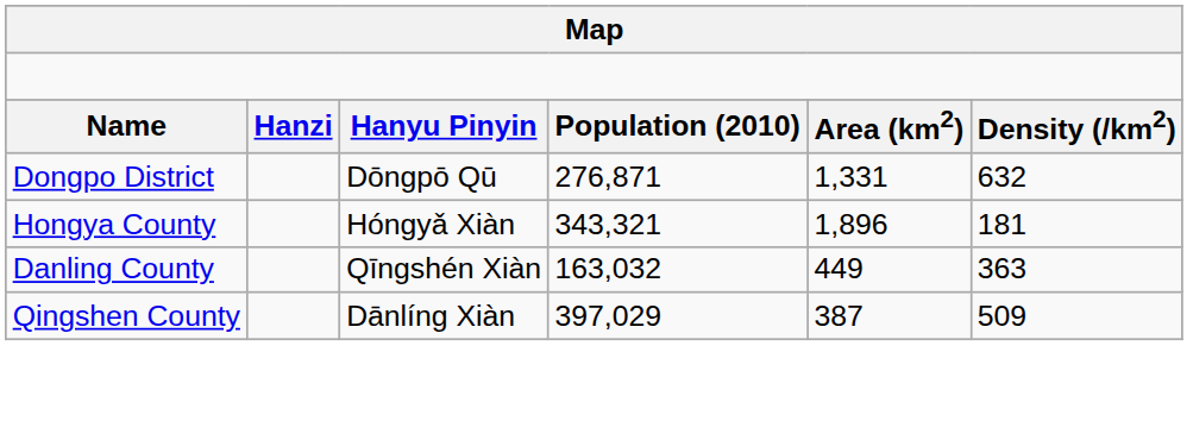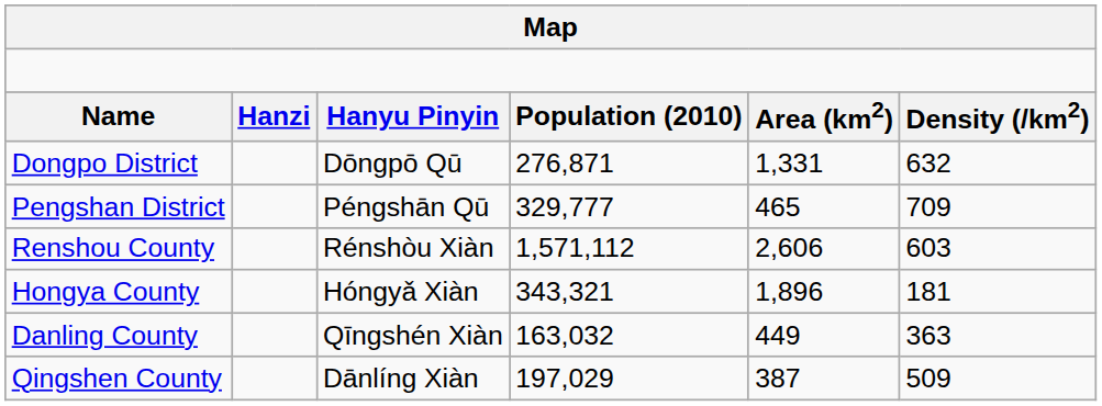 <table class="wikitable"  style="font-size:90%;" align=center>
 <tr>
 <th colspan="6" align="center">Map</th>
 </tr>
 <tr>
 <td colspan="6" align="center"><div><br>         </div></td>
 </tr>
 <tr>
 <th>Name</th>
 <th><a href='#'>Hanzi</a></th>
 <th><a href='#'>Hanyu Pinyin</a></th>
 <th>Population (2010)</th>
 <th>Area (km<sup>2</sup>)</th>
 <th>Density (/km<sup>2</sup>)</th>
 </tr>
 <tr --------->
 <td><a href='#'>Dongpo District</a></td>
 <td></td>
 <td>Dōngpō Qū</td>
 <td>276,871</td>
 <td>1,331</td>
 <td>632</td>
 </tr>
 <tr --------->
+<td><a href='#'>Pengshan District</a></td>
+<td></td>
+<td>Péngshān Qū</td>
+<td>329,777</td>
+<td>465</td>
+<td>709</td>
+</tr>
+<tr --------->
+<td><a href='#'>Renshou County</a></td>
+<td></td>
+<td>Rénshòu Xiàn</td>
+<td>1,571,112</td>
+<td>2,606</td>
+<td>603</td>
+</tr>
+<tr --------->
 <td><a href='#'>Hongya County</a></td>
 <td></td>
 <td>Hóngyǎ Xiàn</td>
 <td>343,321</td>
 <td>1,896</td>
 <td>181</td>
 </tr>
 <tr --------->
 <td><a href='#'>Danling County</a></td>
 <td></td>
 <td>Qīngshén Xiàn</td>
 <td>163,032</td>
 <td>449</td>
 <td>363</td>
 </tr>
 <tr --------->
 <td><a href='#'>Qingshen County</a></td>
 <td></td>
 <td>Dānlíng Xiàn</td>
-<td>397,029</td>
+<td>197,029</td>
 <td>387</td>
 <td>509</td>
 </tr>
 </table>
